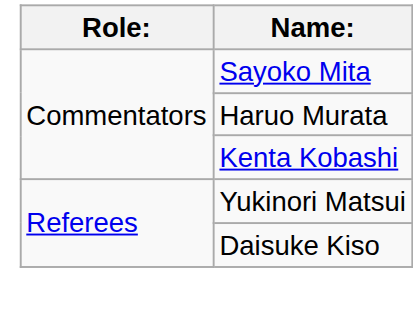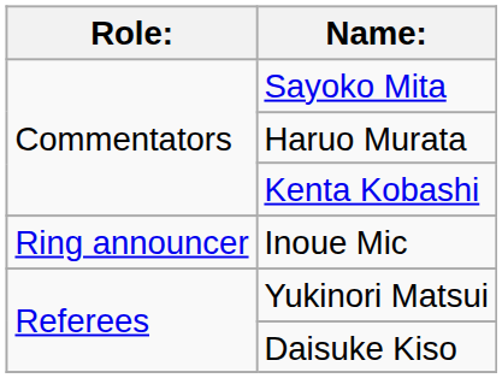 <table class=wikitable style="font-size:90%; margin: 0.5em 0 0.5em 1em; float: right; clear: right;">
 <tr>
 <th>Role:</th>
 <th>Name:</th>
 </tr>
 <tr>
 <td rowspan=3>Commentators</td>
 <td><a href='#'>Sayoko Mita</a></td>
 </tr>
 <tr>
 <td>Haruo Murata</td>
 </tr>
 <tr>
 <td><a href='#'>Kenta Kobashi</a> </td>
 </tr>
 <tr>
+<td><a href='#'>Ring announcer</a></td>
+<td>Inoue Mic</td>
+</tr>
+<tr>
 <td rowspan=2><a href='#'>Referees</a></td>
 <td>Yukinori Matsui</td>
 </tr>
 <tr>
 <td>Daisuke Kiso</td>
 </tr>
 </table>
